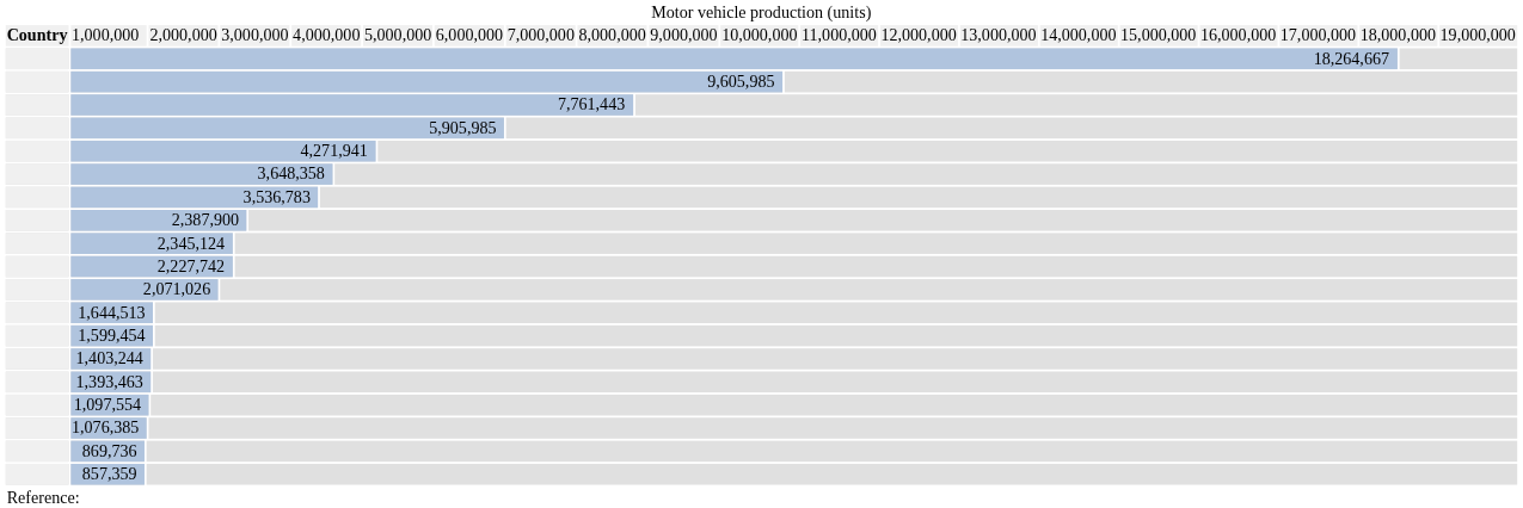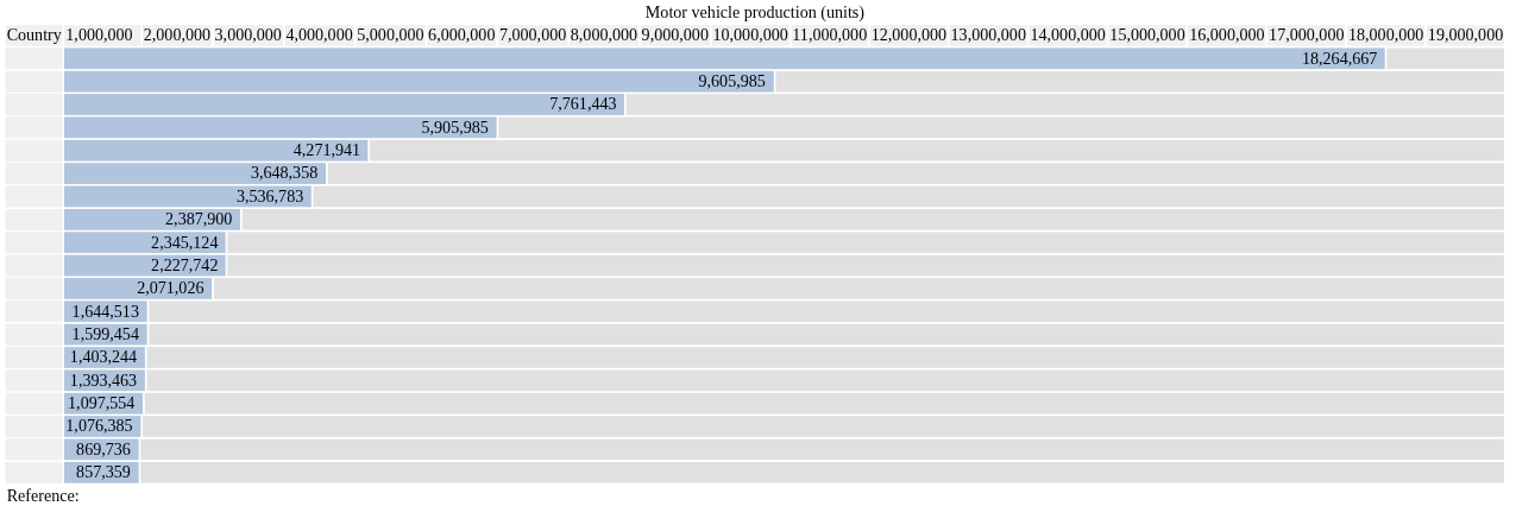 <table class="toccolours nowraplinks">
 <tr>
 <td style="text-align:center;" colspan="95">Motor vehicle production (units)</td>
 </tr>
 <tr style="background:#F0F0F0">
-<td width="15%" colspan="1"><strong>Country</strong></td>
+<td width="15%" colspan="1">Country</td>
 <td width="5%" colspan="5">1,000,000</td>
 <td width="5%" colspan="5">2,000,000</td>
 <td width="5%" colspan="5">3,000,000</td>
 <td width="5%" colspan="5">4,000,000</td>
 <td width="5%" colspan="5">5,000,000</td>
 <td width="5%" colspan="5">6,000,000</td>
 <td width="5%" colspan="5">7,000,000</td>
 <td width="5%" colspan="5">8,000,000</td>
 <td width="5%" colspan="5">9,000,000</td>
 <td width="5%" colspan="5">10,000,000</td>
 <td width="5%" colspan="5">11,000,000</td>
 <td width="5%" colspan="5">12,000,000</td>
 <td width="5%" colspan="5">13,000,000</td>
 <td width="5%" colspan="5">14,000,000</td>
 <td width="5%" colspan="5">15,000,000</td>
 <td width="5%" colspan="5">16,000,000</td>
 <td width="5%" colspan="5">17,000,000</td>
 <td width="5%" colspan="5">18,000,000</td>
 <td width="5%" colspan="5">19,000,000</td>
 </tr>
 <tr style="background-color:#E0E0E0;">
 <td colspan=1 style="text-align:left;background-color:#F0F0F0"></td>
 <td colspan="86" style="text-align:right; background-color:#B0C4DE; padding-right:1ex">18,264,667</td>
 <td colspan="14"></td>
 </tr>
 <tr style="background-color:#E0E0E0;">
 <td colspan=1 style="text-align:left;background-color:#F0F0F0"></td>
 <td colspan="49" style="text-align:right; background-color:#B0C4DE; padding-right:1ex">9,605,985</td>
 <td colspan="51"></td>
 </tr>
 <tr style="background-color:#E0E0E0;">
 <td colspan=1 style="text-align:left;background-color:#F0F0F0"></td>
 <td colspan="39" style="text-align:right; background-color:#B0C4DE; padding-right:1ex">7,761,443</td>
 <td colspan="61"></td>
 </tr>
 <tr style="background-color:#E0E0E0;">
 <td colspan=1 style="text-align:left;background-color:#F0F0F0"></td>
 <td colspan="30" style="text-align:right; background-color:#B0C4DE; padding-right:1ex">5,905,985</td>
 <td colspan="65"></td>
 </tr>
 <tr style="background-color:#E0E0E0;">
 <td colspan=1 style="text-align:left;background-color:#F0F0F0"></td>
 <td colspan="21" style="text-align:right; background-color:#B0C4DE; padding-right:1ex">4,271,941</td>
 <td colspan="74"></td>
 </tr>
 <tr style="background-color:#E0E0E0;">
 <td colspan=1 style="text-align:left;background-color:#F0F0F0"></td>
 <td colspan="18" style="text-align:right; background-color:#B0C4DE; padding-right:1ex">3,648,358</td>
 <td colspan="77"></td>
 </tr>
 <tr style="background-color:#E0E0E0;">
 <td colspan=1 style="text-align:left;background-color:#F0F0F0"></td>
 <td colspan="17" style="text-align:right; background-color:#B0C4DE; padding-right:1ex">3,536,783</td>
 <td colspan="78"></td>
 </tr>
 <tr style="background-color:#E0E0E0;">
 <td colspan=1 style="text-align:left;background-color:#F0F0F0"></td>
 <td colspan="12" style="text-align:right; background-color:#B0C4DE; padding-right:1ex">2,387,900</td>
 <td colspan="83"></td>
 </tr>
 <tr style="background-color:#E0E0E0;">
 <td colspan=1 style="text-align:left;background-color:#F0F0F0"></td>
 <td colspan="11" style="text-align:right; background-color:#B0C4DE; padding-right:1ex">2,345,124</td>
 <td colspan="84"></td>
 </tr>
 <tr style="background-color:#E0E0E0;">
 <td colspan=1 style="text-align:left;background-color:#F0F0F0"></td>
 <td colspan="11" style="text-align:right; background-color:#B0C4DE; padding-right:1ex">2,227,742</td>
 <td colspan="84"></td>
 </tr>
 <tr style="background-color:#E0E0E0;">
 <td colspan=1 style="text-align:left;background-color:#F0F0F0"></td>
 <td colspan="10" style="text-align:right; background-color:#B0C4DE; padding-right:1ex">2,071,026</td>
 <td colspan="85"></td>
 </tr>
 <tr style="background-color:#E0E0E0;">
 <td colspan=1 style="text-align:left;background-color:#F0F0F0"></td>
 <td colspan="8" style="text-align:right; background-color:#B0C4DE; padding-right:1ex">1,644,513</td>
 <td colspan="87"></td>
 </tr>
 <tr style="background-color:#E0E0E0;">
 <td colspan=1 style="text-align:left;background-color:#F0F0F0"></td>
 <td colspan="8" style="text-align:right; background-color:#B0C4DE; padding-right:1ex">1,599,454</td>
 <td colspan="87"></td>
 </tr>
 <tr style="background-color:#E0E0E0;">
 <td colspan=1 style="text-align:left;background-color:#F0F0F0"></td>
 <td colspan="7" style="text-align:right; background-color:#B0C4DE; padding-right:1ex">1,403,244</td>
 <td colspan="88"></td>
 </tr>
 <tr style="background-color:#E0E0E0;">
 <td colspan=1 style="text-align:left;background-color:#F0F0F0"></td>
 <td colspan="7" style="text-align:right; background-color:#B0C4DE; padding-right:1ex">1,393,463</td>
 <td colspan="88"></td>
 </tr>
 <tr style="background-color:#E0E0E0;">
 <td colspan=1 style="text-align:left;background-color:#F0F0F0"></td>
 <td colspan="6" style="text-align:right; background-color:#B0C4DE; padding-right:1ex">1,097,554</td>
 <td colspan="89"></td>
 </tr>
 <tr style="background-color:#E0E0E0;">
 <td colspan=1 style="text-align:left;background-color:#F0F0F0"></td>
 <td colspan="5" style="text-align:right; background-color:#B0C4DE; padding-right:1ex">1,076,385</td>
 <td colspan="90"></td>
 </tr>
 <tr style="background-color:#E0E0E0;">
 <td colspan=1 style="text-align:left;background-color:#F0F0F0"></td>
 <td colspan="4" style="text-align:right; background-color:#B0C4DE; padding-right:1ex">869,736</td>
 <td colspan="91"></td>
 </tr>
 <tr style="background-color:#E0E0E0;">
 <td colspan=1 style="text-align:left;background-color:#F0F0F0"></td>
 <td colspan="4" style="text-align:right; background-color:#B0C4DE; padding-right:1ex">857,359</td>
 <td colspan="91"></td>
 </tr>
 <tr>
 <td colspan="96" style="text-align:left;">Reference: </td>
 </tr>
 <tr>
 <td colspan="10"></td>
 <td> </td>
 <td> </td>
 <td> </td>
 <td> </td>
 <td> </td>
 <td> </td>
 <td> </td>
 <td> </td>
 <td> </td>
 <td> </td>
 <td> </td>
 <td> </td>
 <td> </td>
 <td> </td>
 <td> </td>
 <td> </td>
 <td> </td>
 <td> </td>
 <td> </td>
 <td> </td>
 <td> </td>
 <td> </td>
 <td> </td>
 <td> </td>
 <td> </td>
 <td> </td>
 <td> </td>
 <td> </td>
 <td> </td>
 <td> </td>
 <td> </td>
 <td> </td>
 <td> </td>
 <td> </td>
 <td> </td>
 <td> </td>
 <td> </td>
 <td> </td>
 <td> </td>
 <td> </td>
 <td> </td>
 <td> </td>
 <td> </td>
 <td> </td>
 <td> </td>
 <td> </td>
 <td> </td>
 <td> </td>
 </tr>
 </table>
